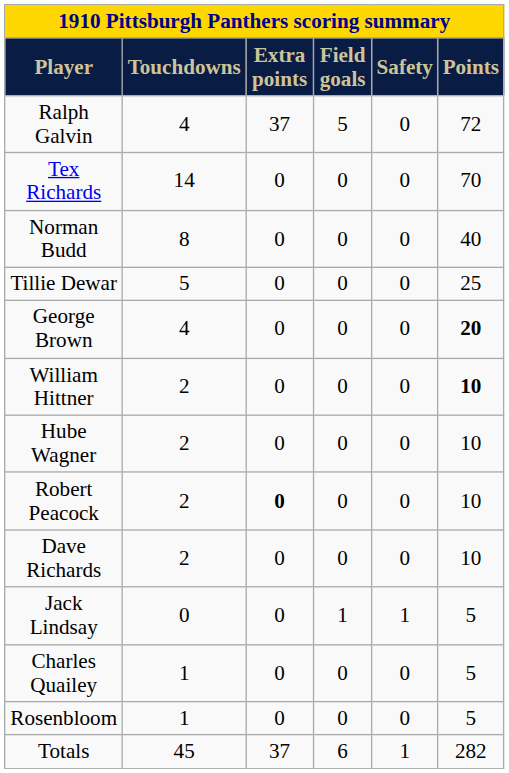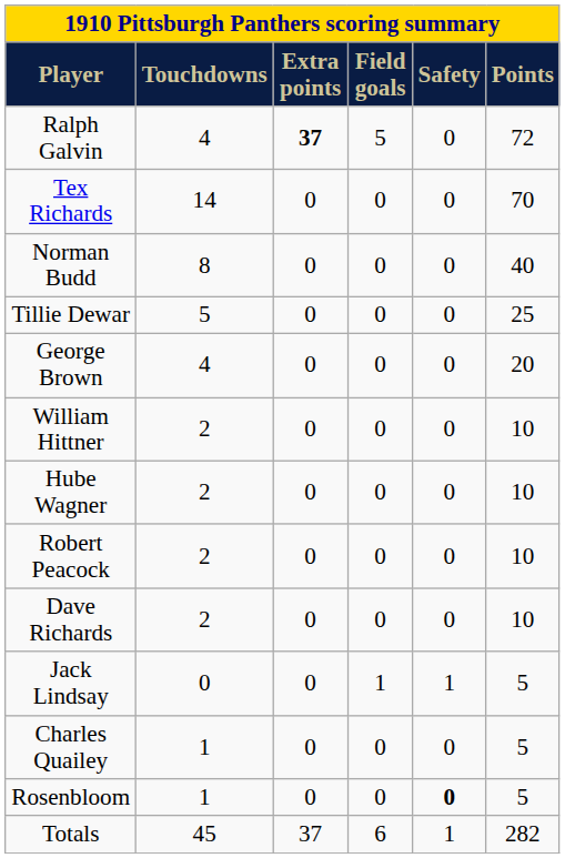 <table class="wikitable" width="30%">
 <tr>
 <th colspan="10" style="background:gold; color:darkblue; text-align: center;"><strong>1910 Pittsburgh Panthers scoring summary</strong></th>
 </tr>
 <tr align="center"  style="background:#091C44;color:#CEC499;">
 <td><strong>Player</strong></td>
 <td><strong>Touchdowns</strong></td>
 <td><strong>Extra points</strong></td>
 <td><strong>Field goals</strong></td>
 <td><strong>Safety</strong></td>
 <td><strong>Points</strong></td>
 </tr>
 <tr align="center" bgcolor="">
 <td>Ralph Galvin</td>
 <td>4</td>
-<td>37</td>
+<td><strong>37</strong></td>
 <td>5</td>
 <td>0</td>
 <td>72</td>
 </tr>
 <tr align="center" bgcolor="">
 <td><a href='#'>Tex Richards</a></td>
 <td>14</td>
 <td>0</td>
 <td>0</td>
 <td>0</td>
 <td>70</td>
 </tr>
 <tr align="center" bgcolor="">
 <td>Norman Budd</td>
 <td>8</td>
 <td>0</td>
 <td>0</td>
 <td>0</td>
 <td>40</td>
 </tr>
 <tr align="center" bgcolor="">
 <td>Tillie Dewar</td>
 <td>5</td>
 <td>0</td>
 <td>0</td>
 <td>0</td>
 <td>25</td>
 </tr>
 <tr align="center" bgcolor="">
 <td>George Brown</td>
 <td>4</td>
 <td>0</td>
 <td>0</td>
 <td>0</td>
-<td><strong>20</strong></td>
+<td>20</td>
 </tr>
 <tr align="center" bgcolor="">
 <td>William Hittner</td>
 <td>2</td>
 <td>0</td>
 <td>0</td>
 <td>0</td>
-<td><strong>10</strong></td>
+<td>10</td>
 </tr>
 <tr align="center" bgcolor="">
 <td>Hube Wagner</td>
 <td>2</td>
 <td>0</td>
 <td>0</td>
 <td>0</td>
 <td>10</td>
 </tr>
 <tr align="center" bgcolor="">
 <td>Robert Peacock</td>
 <td>2</td>
-<td><strong>0</strong></td>
+<td>0</td>
 <td>0</td>
 <td>0</td>
 <td>10</td>
 </tr>
 <tr align="center" bgcolor="">
 <td>Dave Richards</td>
 <td>2</td>
 <td>0</td>
 <td>0</td>
 <td>0</td>
 <td>10</td>
 </tr>
 <tr align="center" bgcolor="">
 <td>Jack Lindsay</td>
 <td>0</td>
 <td>0</td>
 <td>1</td>
 <td>1</td>
 <td>5</td>
 </tr>
 <tr align="center" bgcolor="">
 <td>Charles Quailey</td>
 <td>1</td>
 <td>0</td>
 <td>0</td>
 <td>0</td>
 <td>5</td>
 </tr>
 <tr align="center" bgcolor="">
 <td>Rosenbloom</td>
 <td>1</td>
 <td>0</td>
 <td>0</td>
-<td>0</td>
+<td><strong>0</strong></td>
 <td>5</td>
 </tr>
 <tr align="center" bgcolor="">
 <td>Totals</td>
 <td>45</td>
 <td>37</td>
 <td>6</td>
 <td>1</td>
 <td>282</td>
 </tr>
 <tr align="center" bgcolor="">
 </tr>
 </table>
